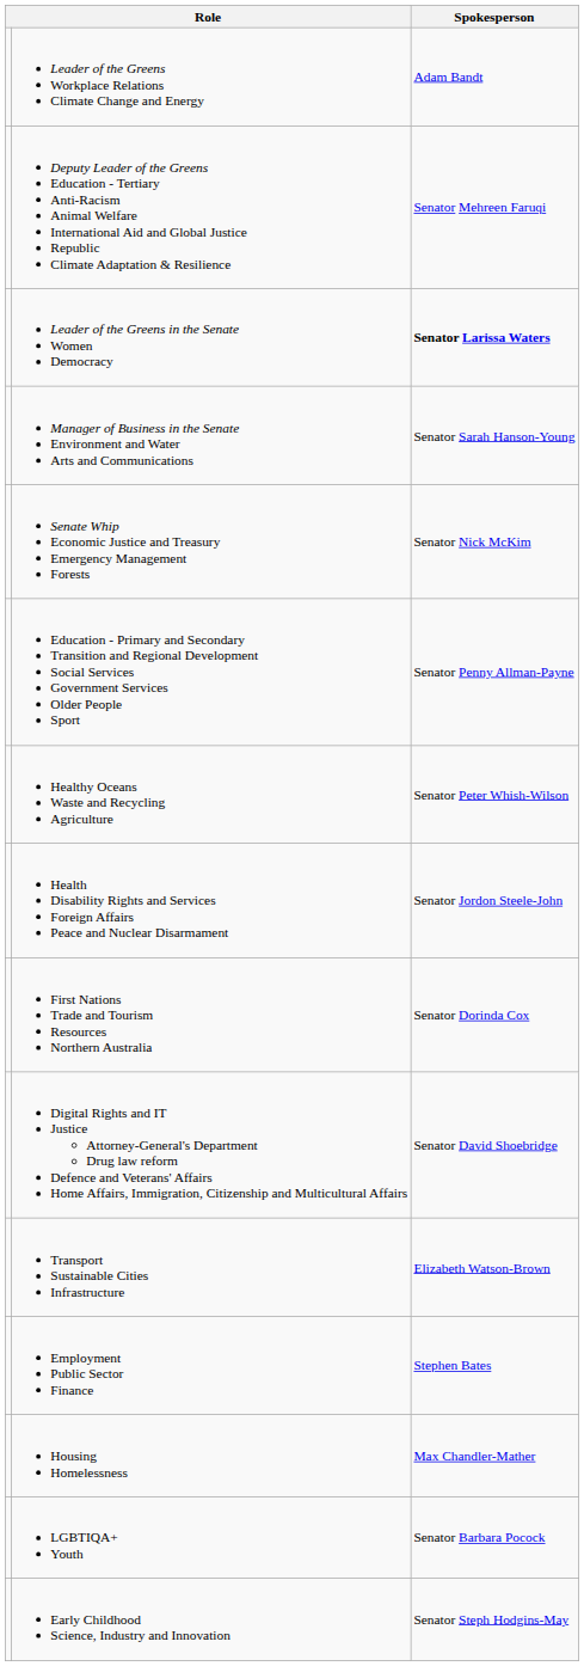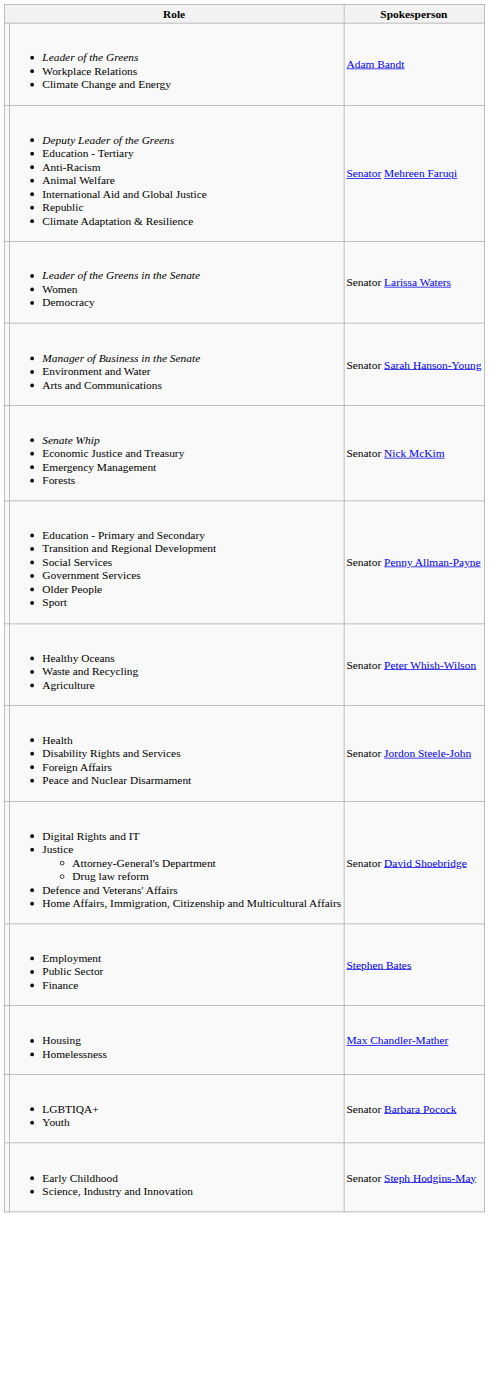 <table class="wikitable" style="text-align:left; font-size:95%">
 <tr>
 <th colspan=2>Role</th>
 <th>Spokesperson</th>
 </tr>
 <tr>
 <td style="background-color: "></td>
 <td><br><ul><li><em>Leader of the Greens</em></li><li>Workplace Relations</li><li>Climate Change and Energy</li></ul></td>
 <td><a href='#'>Adam Bandt</a> </td>
 </tr>
 <tr>
 <td style="background-color: "></td>
 <td><br><ul><li><em>Deputy Leader of the Greens</em></li><li>Education - Tertiary</li><li>Anti-Racism</li><li>Animal Welfare</li><li>International Aid and Global Justice</li><li>Republic</li><li>Climate Adaptation & Resilience</li></ul></td>
 <td><a href='#'>Senator</a> <a href='#'>Mehreen Faruqi</a></td>
 </tr>
 <tr>
 <td style="background-color: "></td>
 <td><br><ul><li><em>Leader of the Greens in the Senate</em></li><li>Women</li><li>Democracy</li></ul></td>
-<td><strong>Senator <a href='#'>Larissa Waters</a></strong></td>
+<td>Senator <a href='#'>Larissa Waters</a></td>
 </tr>
 <tr>
 <td style="background-color: "></td>
 <td><br><ul><li><em>Manager of Business in the Senate</em></li><li>Environment and Water</li><li>Arts and Communications</li></ul></td>
 <td>Senator <a href='#'>Sarah Hanson-Young</a></td>
 </tr>
 <tr>
 <td style="background-color: "></td>
 <td><br><ul><li><em>Senate Whip</em></li><li>Economic Justice and Treasury</li><li>Emergency Management</li><li>Forests</li></ul></td>
 <td>Senator <a href='#'>Nick McKim</a></td>
 </tr>
 <tr>
 <td style="background-color: "></td>
 <td><br><ul><li>Education - Primary and Secondary</li><li>Transition and Regional Development</li><li>Social Services</li><li>Government Services</li><li>Older People</li><li>Sport</li></ul></td>
 <td>Senator <a href='#'>Penny Allman-Payne</a></td>
 </tr>
 <tr>
 <td style="background-color: "></td>
 <td><br><ul><li>Healthy Oceans</li><li>Waste and Recycling</li><li>Agriculture</li></ul></td>
 <td>Senator <a href='#'>Peter Whish-Wilson</a></td>
 </tr>
 <tr>
 <td style="background-color: "></td>
 <td><br><ul><li>Health</li><li>Disability Rights and Services</li><li>Foreign Affairs</li><li>Peace and Nuclear Disarmament</li></ul></td>
 <td>Senator <a href='#'>Jordon Steele-John</a></td>
 </tr>
 <tr>
 <td style="background-color: "></td>
-<td><br><ul><li>First Nations</li><li>Trade and Tourism</li><li>Resources</li><li>Northern Australia</li></ul></td>
-<td>Senator <a href='#'>Dorinda Cox</a></td>
-</tr>
-<tr>
-<td style="background-color: "></td>
 <td><br><ul><li>Digital Rights and IT</li><li>Justice<ul><li>Attorney-General's Department</li><li>Drug law reform</li></ul></li><li>Defence and Veterans' Affairs</li><li>Home Affairs, Immigration, Citizenship and Multicultural Affairs</li></ul></td>
 <td>Senator <a href='#'>David Shoebridge</a></td>
-</tr>
-<tr>
-<td style="background-color: "></td>
-<td><br><ul><li>Transport</li><li>Sustainable Cities</li><li>Infrastructure</li></ul></td>
-<td><a href='#'>Elizabeth Watson-Brown</a> </td>
 </tr>
 <tr>
 <td style="background-color: "></td>
 <td><br><ul><li>Employment</li><li>Public Sector</li><li>Finance</li></ul></td>
 <td><a href='#'>Stephen Bates</a> </td>
 </tr>
 <tr>
 <td style="background-color: "></td>
 <td><br><ul><li>Housing</li><li>Homelessness</li></ul></td>
 <td><a href='#'>Max Chandler-Mather</a> </td>
 </tr>
 <tr>
 <td style="background-color: "></td>
 <td><br><ul><li>LGBTIQA+</li><li>Youth</li></ul></td>
 <td>Senator <a href='#'>Barbara Pocock</a></td>
 </tr>
 <tr>
 <td style="background-color: "></td>
 <td><br><ul><li>Early Childhood</li><li>Science, Industry and Innovation</li></ul></td>
 <td>Senator <a href='#'>Steph Hodgins-May</a></td>
 </tr>
 </table>
